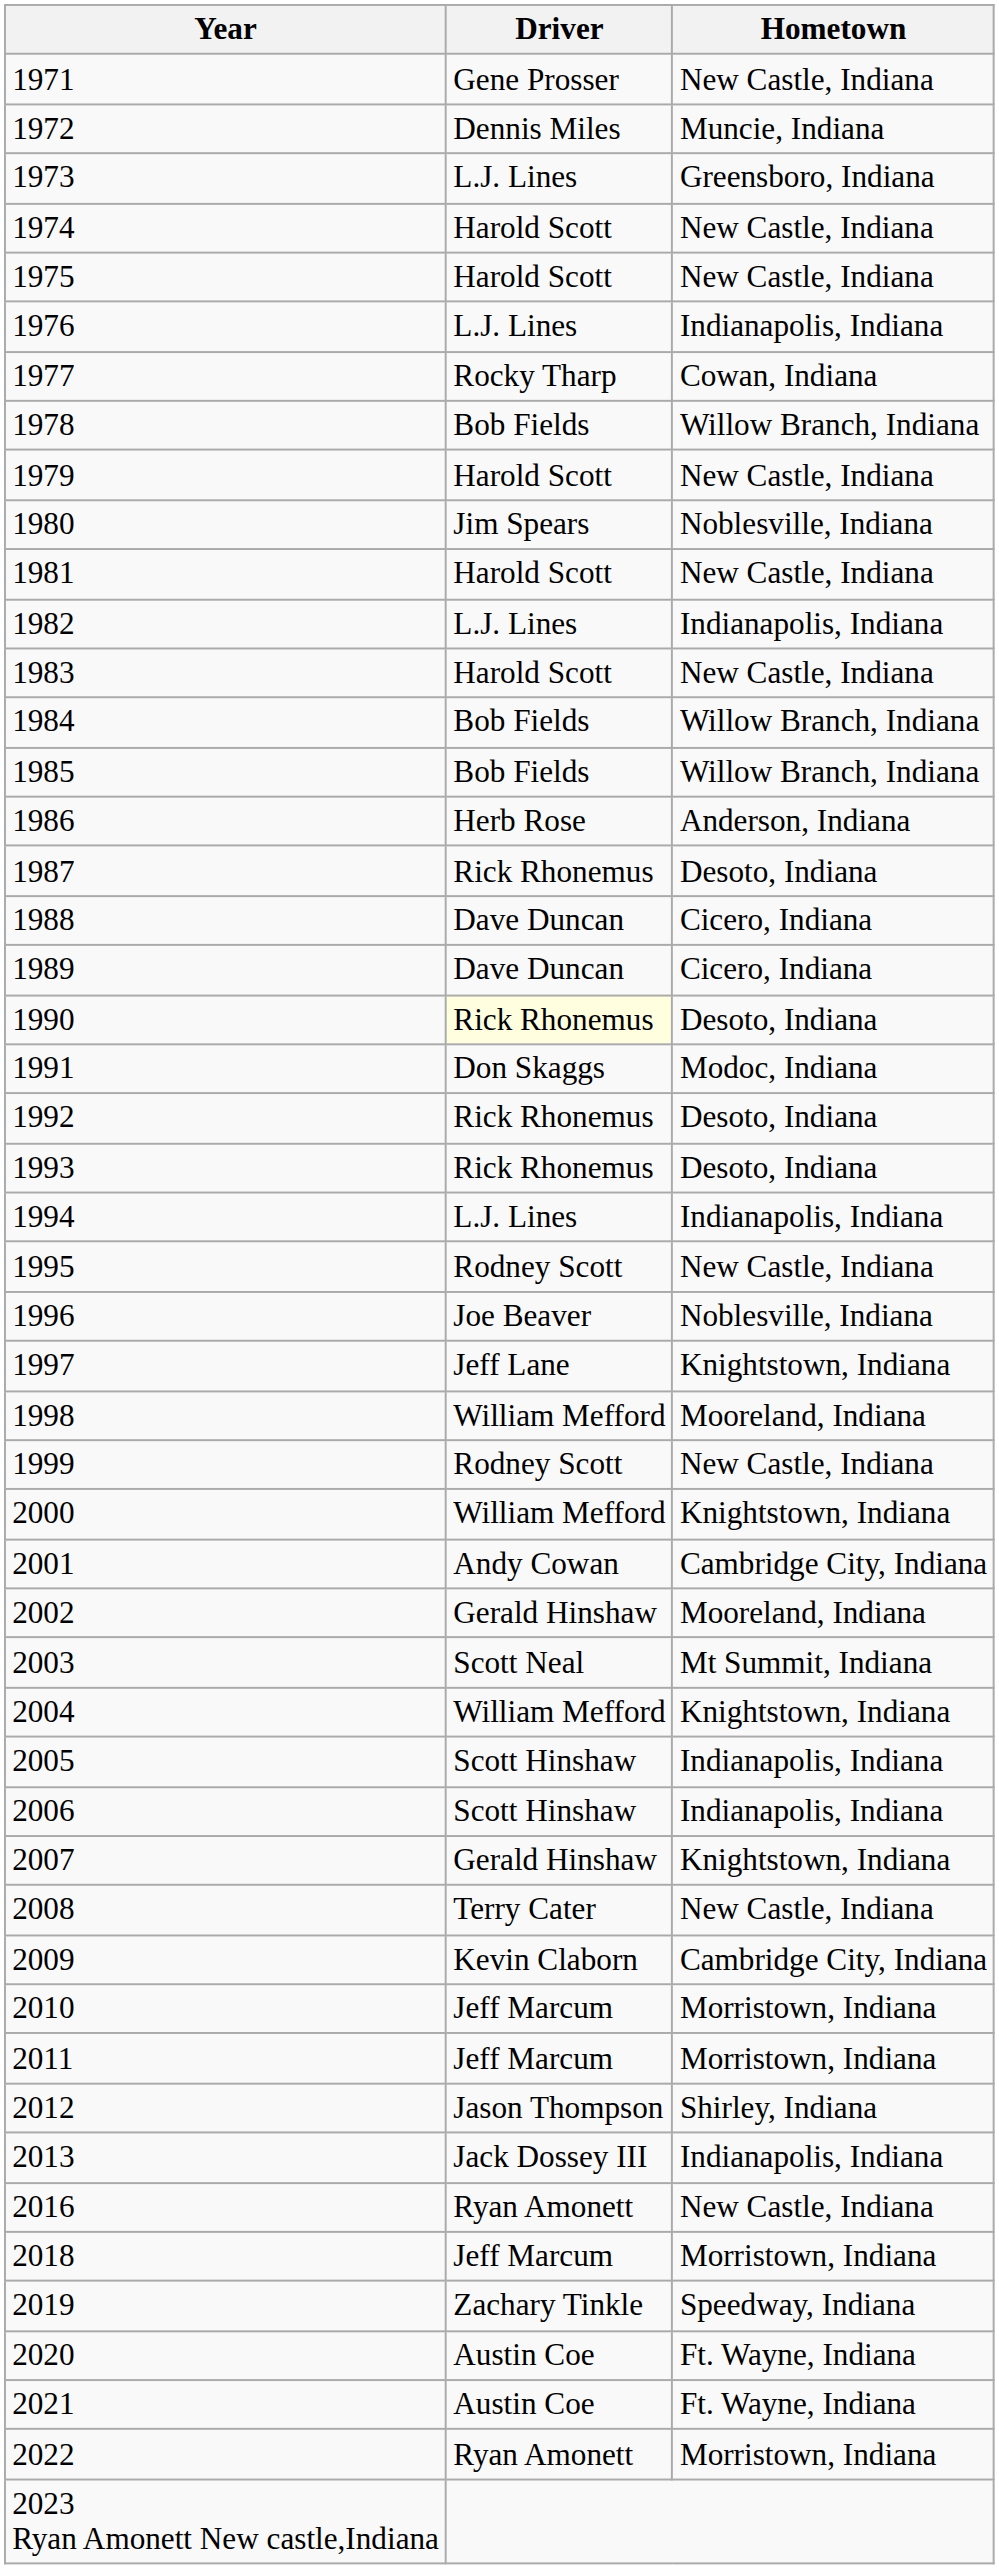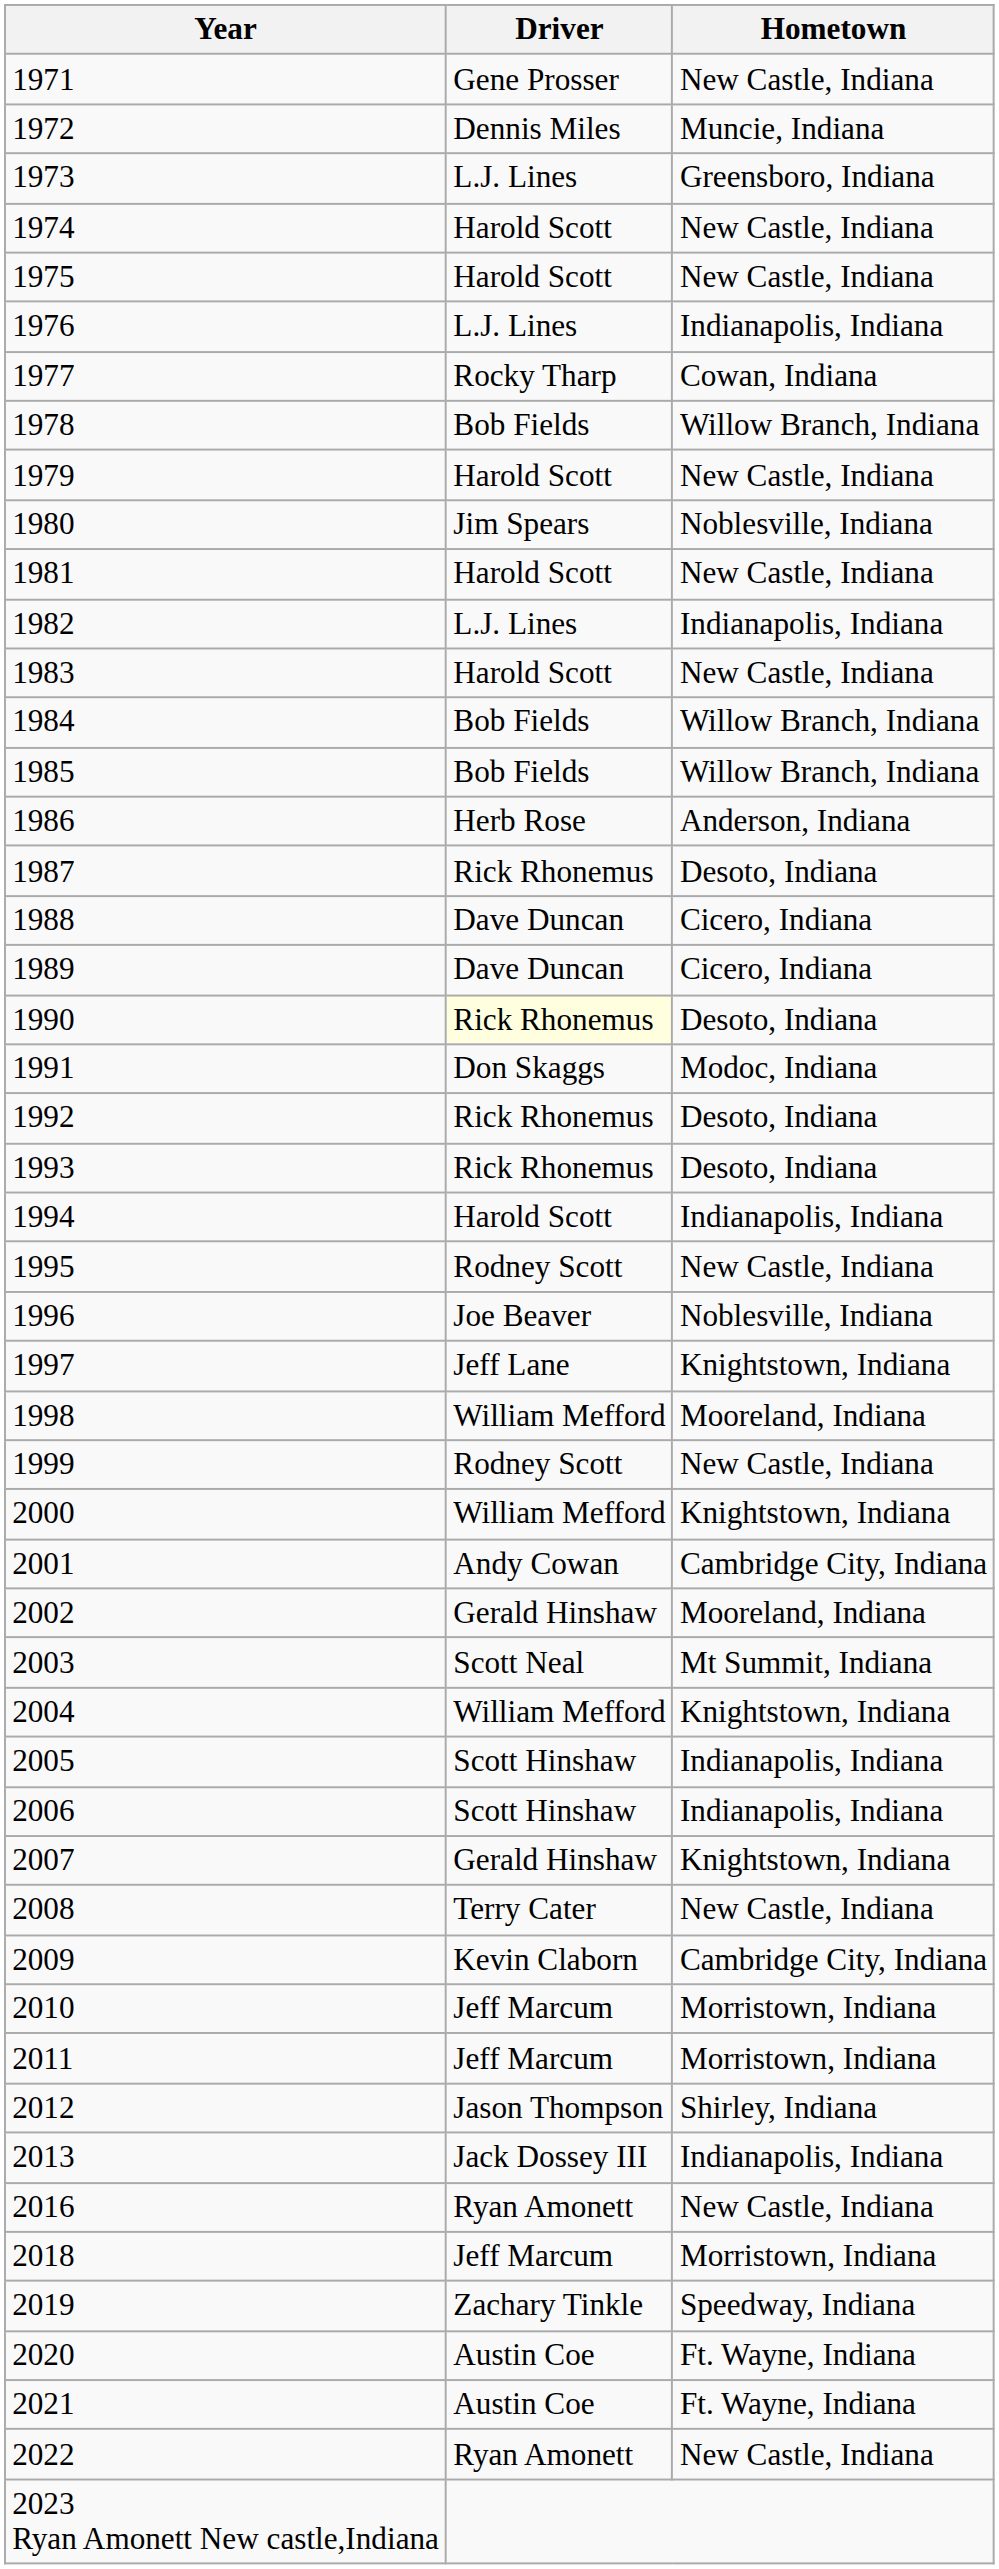 <table class="wikitable" border="1">
 <tr>
 <th>Year</th>
 <th>Driver</th>
 <th>Hometown</th>
 </tr>
 <tr>
 <td>1971</td>
 <td>Gene Prosser</td>
 <td>New Castle, Indiana</td>
 </tr>
 <tr>
 <td>1972</td>
 <td>Dennis Miles</td>
 <td>Muncie, Indiana</td>
 </tr>
 <tr>
 <td>1973</td>
 <td>L.J. Lines</td>
 <td>Greensboro, Indiana</td>
 </tr>
 <tr>
 <td>1974</td>
 <td>Harold Scott</td>
 <td>New Castle, Indiana</td>
 </tr>
 <tr>
 <td>1975</td>
 <td>Harold Scott</td>
 <td>New Castle, Indiana</td>
 </tr>
 <tr>
 <td>1976</td>
 <td>L.J. Lines</td>
 <td>Indianapolis, Indiana</td>
 </tr>
 <tr>
 <td>1977</td>
 <td>Rocky Tharp</td>
 <td>Cowan, Indiana</td>
 </tr>
 <tr>
 <td>1978</td>
 <td>Bob Fields</td>
 <td>Willow Branch, Indiana</td>
 </tr>
 <tr>
 <td>1979</td>
 <td>Harold Scott</td>
 <td>New Castle, Indiana</td>
 </tr>
 <tr>
 <td>1980</td>
 <td>Jim Spears</td>
 <td>Noblesville, Indiana</td>
 </tr>
 <tr>
 <td>1981</td>
 <td>Harold Scott</td>
 <td>New Castle, Indiana</td>
 </tr>
 <tr>
 <td>1982</td>
 <td>L.J. Lines</td>
 <td>Indianapolis, Indiana</td>
 </tr>
 <tr>
 <td>1983</td>
 <td>Harold Scott</td>
 <td>New Castle, Indiana</td>
 </tr>
 <tr>
 <td>1984</td>
 <td>Bob Fields</td>
 <td>Willow Branch, Indiana</td>
 </tr>
 <tr>
 <td>1985</td>
 <td>Bob Fields</td>
 <td>Willow Branch, Indiana</td>
 </tr>
 <tr>
 <td>1986</td>
 <td>Herb Rose</td>
 <td>Anderson, Indiana</td>
 </tr>
 <tr>
 <td>1987</td>
 <td>Rick Rhonemus</td>
 <td>Desoto, Indiana</td>
 </tr>
 <tr>
 <td>1988</td>
 <td>Dave Duncan</td>
 <td>Cicero, Indiana</td>
 </tr>
 <tr>
 <td>1989</td>
 <td>Dave Duncan</td>
 <td>Cicero, Indiana</td>
 </tr>
 <tr>
 <td>1990</td>
 <td style="background: lightyellow;">Rick Rhonemus</td>
 <td>Desoto, Indiana</td>
 </tr>
 <tr>
 <td>1991</td>
 <td>Don Skaggs</td>
 <td>Modoc, Indiana</td>
 </tr>
 <tr>
 <td>1992</td>
 <td>Rick Rhonemus</td>
 <td>Desoto, Indiana</td>
 </tr>
 <tr>
 <td>1993</td>
 <td>Rick Rhonemus</td>
 <td>Desoto, Indiana</td>
 </tr>
 <tr>
 <td>1994</td>
-<td>L.J. Lines</td>
+<td>Harold Scott</td>
 <td>Indianapolis, Indiana</td>
 </tr>
 <tr>
 <td>1995</td>
 <td>Rodney Scott</td>
 <td>New Castle, Indiana</td>
 </tr>
 <tr>
 <td>1996</td>
 <td>Joe Beaver</td>
 <td>Noblesville, Indiana</td>
 </tr>
 <tr>
 <td>1997</td>
 <td>Jeff Lane</td>
 <td>Knightstown, Indiana</td>
 </tr>
 <tr>
 <td>1998</td>
 <td>William Mefford</td>
 <td>Mooreland, Indiana</td>
 </tr>
 <tr>
 <td>1999</td>
 <td>Rodney Scott</td>
 <td>New Castle, Indiana</td>
 </tr>
 <tr>
 <td>2000</td>
 <td>William Mefford</td>
 <td>Knightstown, Indiana</td>
 </tr>
 <tr>
 <td>2001</td>
 <td>Andy Cowan</td>
 <td>Cambridge City, Indiana</td>
 </tr>
 <tr>
 <td>2002</td>
 <td>Gerald Hinshaw</td>
 <td>Mooreland, Indiana</td>
 </tr>
 <tr>
 <td>2003</td>
 <td>Scott Neal</td>
 <td>Mt Summit, Indiana</td>
 </tr>
 <tr>
 <td>2004</td>
 <td>William Mefford</td>
 <td>Knightstown, Indiana</td>
 </tr>
 <tr>
 <td>2005</td>
 <td>Scott Hinshaw</td>
 <td>Indianapolis, Indiana</td>
 </tr>
 <tr>
 <td>2006</td>
 <td>Scott Hinshaw</td>
 <td>Indianapolis, Indiana</td>
 </tr>
 <tr>
 <td>2007</td>
 <td>Gerald Hinshaw</td>
 <td>Knightstown, Indiana</td>
 </tr>
 <tr>
 <td>2008</td>
 <td>Terry Cater</td>
 <td>New Castle, Indiana</td>
 </tr>
 <tr>
 <td>2009</td>
 <td>Kevin Claborn</td>
 <td>Cambridge City, Indiana</td>
 </tr>
 <tr>
 <td>2010</td>
 <td>Jeff Marcum</td>
 <td>Morristown, Indiana</td>
 </tr>
 <tr>
 <td>2011</td>
 <td>Jeff Marcum</td>
 <td>Morristown, Indiana</td>
 </tr>
 <tr>
 <td>2012</td>
 <td>Jason Thompson</td>
 <td>Shirley, Indiana</td>
 </tr>
 <tr>
 <td>2013</td>
 <td>Jack Dossey III</td>
 <td>Indianapolis, Indiana</td>
 </tr>
 <tr>
 <td>2016</td>
 <td>Ryan Amonett</td>
 <td>New Castle, Indiana</td>
 </tr>
 <tr>
 <td>2018</td>
 <td>Jeff Marcum</td>
 <td>Morristown, Indiana</td>
 </tr>
 <tr>
 <td>2019</td>
 <td>Zachary Tinkle</td>
 <td>Speedway, Indiana</td>
 </tr>
 <tr>
 <td>2020</td>
 <td>Austin Coe</td>
 <td>Ft. Wayne, Indiana</td>
 </tr>
 <tr>
 <td>2021</td>
 <td>Austin Coe</td>
 <td>Ft. Wayne, Indiana</td>
 </tr>
 <tr>
 <td>2022</td>
 <td>Ryan Amonett</td>
-<td>Morristown, Indiana</td>
+<td>New Castle, Indiana</td>
 </tr>
 <tr>
 <td>2023<br>Ryan Amonett New castle,Indiana</td>
 </tr>
 </table>
